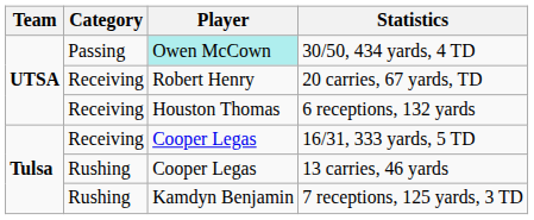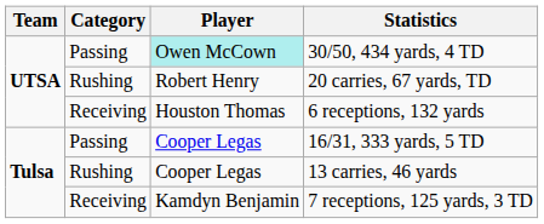 <table class="wikitable" style="float: right;">
 <tr>
 <th>Team</th>
 <th>Category</th>
 <th>Player</th>
 <th>Statistics</th>
 </tr>
 <tr>
 <td rowspan=3><strong>UTSA</strong></td>
 <td>Passing</td>
 <td style="background: paleturquoise;">Owen McCown</td>
 <td>30/50, 434 yards, 4 TD</td>
 </tr>
 <tr>
-<td>Receiving</td>
+<td>Rushing</td>
 <td>Robert Henry</td>
 <td>20 carries, 67 yards, TD</td>
 </tr>
 <tr>
 <td>Receiving</td>
 <td>Houston Thomas</td>
 <td>6 receptions, 132 yards</td>
 </tr>
 <tr>
 <td rowspan=3><strong>Tulsa</strong></td>
-<td>Receiving</td>
+<td>Passing</td>
 <td><a href='#'>Cooper Legas</a></td>
 <td>16/31, 333 yards, 5 TD</td>
 </tr>
 <tr>
 <td>Rushing</td>
 <td>Cooper Legas</td>
 <td>13 carries, 46 yards</td>
 </tr>
 <tr>
-<td>Rushing</td>
+<td>Receiving</td>
 <td>Kamdyn Benjamin</td>
 <td>7 receptions, 125 yards, 3 TD</td>
 </tr>
 </table>
